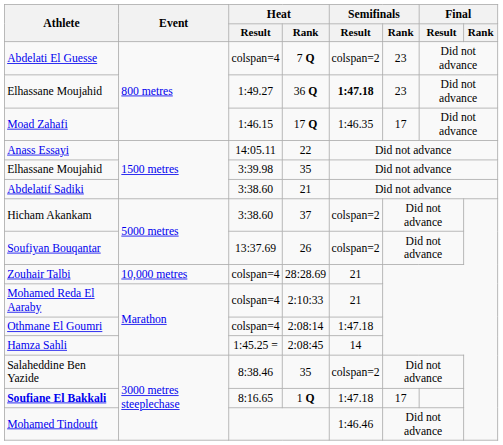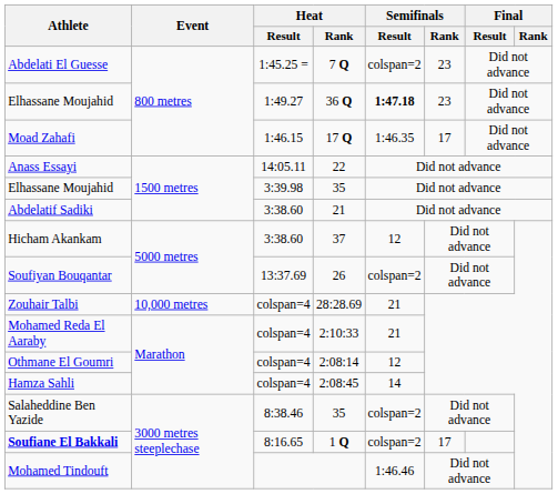 <table class=wikitable style=font-size:90%>
 <tr>
 <th rowspan=2>Athlete</th>
 <th rowspan=2>Event</th>
 <th colspan=2>Heat</th>
 <th colspan=2>Semifinals</th>
 <th colspan=2>Final</th>
 </tr>
 <tr style=font-size:95%>
 <th>Result</th>
 <th>Rank</th>
 <th>Result</th>
 <th>Rank</th>
 <th>Result</th>
 <th>Rank</th>
 </tr>
 <tr align=center>
 <td align=left><a href='#'>Abdelati El Guesse</a></td>
 <td rowspan="3" align="left"><a href='#'>800 metres</a></td>
-<td>colspan=4</td>
+<td>1:45.25 =</td>
 <td>7 <strong>Q</strong></td>
 <td>colspan=2</td>
 <td>23</td>
 <td colspan="2">Did not advance</td>
 </tr>
 <tr align=center>
 <td align=left>Elhassane Moujahid</td>
 <td>1:49.27</td>
 <td>36 <strong>Q</strong></td>
 <td><strong>1:47.18</strong></td>
 <td>23</td>
 <td colspan="2">Did not advance</td>
 </tr>
 <tr align=center>
 <td align=left><a href='#'>Moad Zahafi</a></td>
 <td>1:46.15</td>
 <td>17 <strong>Q</strong></td>
 <td>1:46.35</td>
 <td>17</td>
 <td colspan="2">Did not advance</td>
 </tr>
 <tr align="center">
 <td align="left"><a href='#'>Anass Essayi</a></td>
 <td rowspan="3" align="left"><a href='#'>1500 metres</a></td>
 <td>14:05.11</td>
 <td>22</td>
 <td colspan="4">Did not advance</td>
 </tr>
 <tr align="center">
 <td align="left">Elhassane Moujahid</td>
 <td>3:39.98</td>
 <td>35</td>
 <td colspan="4">Did not advance</td>
 </tr>
 <tr align="center">
 <td align="left"><a href='#'>Abdelatif Sadiki</a></td>
 <td>3:38.60</td>
 <td>21</td>
 <td colspan="4">Did not advance</td>
 </tr>
 <tr align="center">
 <td align="left">Hicham Akankam</td>
 <td rowspan="2" align="left"><a href='#'>5000 metres</a></td>
 <td>3:38.60 </td>
 <td>37</td>
-<td>colspan=2</td>
+<td>12</td>
 <td colspan="2">Did not advance</td>
 </tr>
 <tr align="center">
 <td align="left"><a href='#'>Soufiyan Bouqantar</a></td>
 <td>13:37.69</td>
 <td>26</td>
 <td>colspan=2</td>
 <td colspan="2">Did not advance</td>
 </tr>
 <tr align="center">
 <td align="left"><a href='#'>Zouhair Talbi</a></td>
 <td align="left"><a href='#'>10,000 metres</a></td>
 <td>colspan=4</td>
 <td>28:28.69</td>
 <td>21</td>
 </tr>
 <tr align=center>
 <td align=left><a href='#'>Mohamed Reda El Aaraby</a></td>
 <td rowspan="3" align="left"><a href='#'>Marathon</a></td>
 <td>colspan=4</td>
 <td>2:10:33</td>
 <td>21</td>
 </tr>
 <tr align="center">
 <td align="left"><a href='#'>Othmane El Goumri</a></td>
 <td>colspan=4</td>
 <td>2:08:14</td>
-<td>1:47.18</td>
+<td>12</td>
 </tr>
 <tr align="center">
 <td align="left"><a href='#'>Hamza Sahli</a></td>
-<td>1:45.25 =</td>
+<td>colspan=4</td>
 <td>2:08:45</td>
 <td>14</td>
 </tr>
 <tr align=center>
 <td align="left">Salaheddine Ben Yazide</td>
 <td rowspan="3" align="left"><a href='#'>3000 metres steeplechase</a></td>
 <td>8:38.46</td>
 <td>35</td>
 <td>colspan=2</td>
 <td colspan="2">Did not advance</td>
 </tr>
 <tr align="center">
 <td align="left"><strong><a href='#'>Soufiane El Bakkali</a></strong></td>
 <td>8:16.65</td>
 <td>1 <strong>Q</strong></td>
-<td>1:47.18</td>
+<td>colspan=2</td>
 <td>17</td>
 <td></td>
 </tr>
 <tr align="center">
 <td align="left"><a href='#'>Mohamed Tindouft</a></td>
 <td colspan="2"></td>
 <td>1:46.46</td>
 <td colspan="2">Did not advance</td>
 </tr>
 </table>
